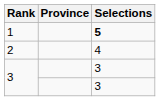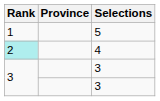 <table class="wikitable">
 <tr>
 <th>Rank</th>
 <th>Province</th>
 <th>Selections</th>
 </tr>
 <tr>
 <td>1</td>
 <td></td>
-<td><strong>5</strong></td>
+<td>5</td>
 </tr>
 <tr>
-<td>2</td>
+<td style="background: paleturquoise;">2</td>
 <td></td>
 <td>4</td>
 </tr>
 <tr>
 <td rowspan="2">3</td>
 <td></td>
 <td>3</td>
 </tr>
 <tr>
 <td></td>
 <td>3</td>
 </tr>
 </table>
